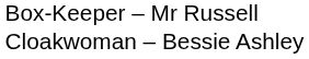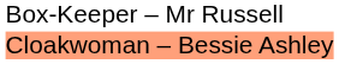 <table style="text-align: left; margin-left: 0em;" border=0 cellpadding=0>
 <tr>
 <td>Box-Keeper – Mr Russell</td>
 </tr>
 <tr>
-<td>Cloakwoman – Bessie Ashley</td>
+<td style="background: lightsalmon;">Cloakwoman – Bessie Ashley</td>
 </tr>
 </table>
